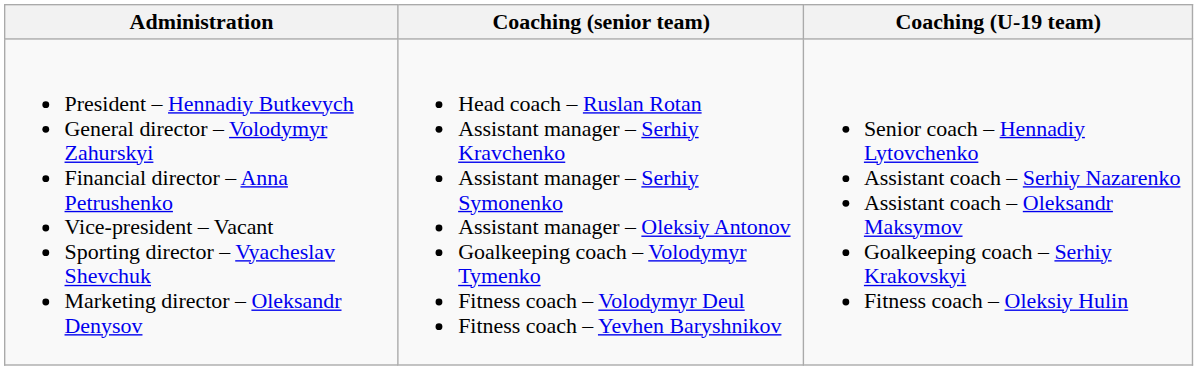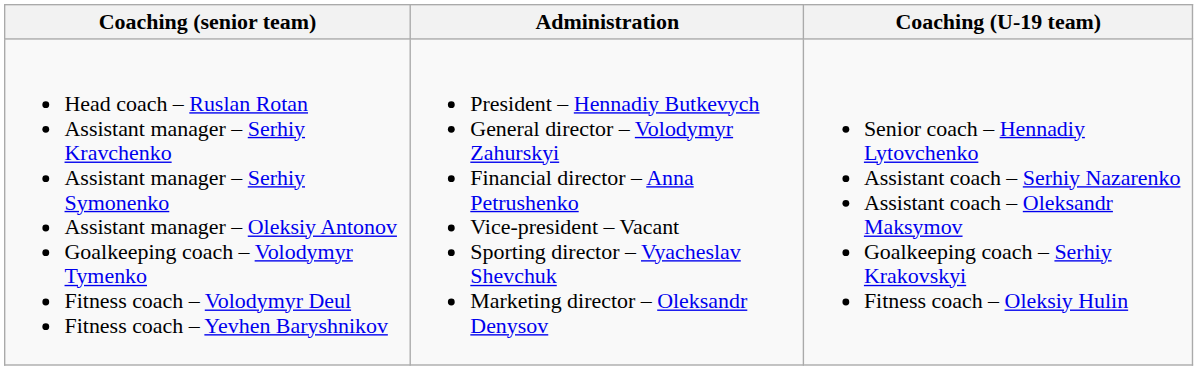 <table class="wikitable">
 <tr>
+<th>Coaching (senior team)</th>
 <th>Administration</th>
-<th>Coaching (senior team)</th>
 <th>Coaching (U-19 team)</th>
 </tr>
 <tr>
+<td><br><ul><li>Head coach –  <a href='#'>Ruslan Rotan</a></li><li>Assistant manager –  <a href='#'>Serhiy Kravchenko</a></li><li>Assistant manager –  <a href='#'>Serhiy Symonenko</a></li><li>Assistant manager –  <a href='#'>Oleksiy Antonov</a></li><li>Goalkeeping coach –  <a href='#'>Volodymyr Tymenko</a></li><li>Fitness coach –  <a href='#'>Volodymyr Deul</a></li><li>Fitness coach –  <a href='#'>Yevhen Baryshnikov</a></li></ul></td>
 <td><br><ul><li>President –  <a href='#'>Hennadiy Butkevych</a></li><li>General director –  <a href='#'>Volodymyr Zahurskyi</a></li><li>Financial director –  <a href='#'>Anna Petrushenko</a></li><li>Vice-president – Vacant</li><li>Sporting director –  <a href='#'>Vyacheslav Shevchuk</a></li><li>Marketing director –  <a href='#'>Oleksandr Denysov</a></li></ul></td>
-<td><br><ul><li>Head coach –  <a href='#'>Ruslan Rotan</a></li><li>Assistant manager –  <a href='#'>Serhiy Kravchenko</a></li><li>Assistant manager –  <a href='#'>Serhiy Symonenko</a></li><li>Assistant manager –  <a href='#'>Oleksiy Antonov</a></li><li>Goalkeeping coach –  <a href='#'>Volodymyr Tymenko</a></li><li>Fitness coach –  <a href='#'>Volodymyr Deul</a></li><li>Fitness coach –  <a href='#'>Yevhen Baryshnikov</a></li></ul></td>
 <td><br><ul><li>Senior coach         –  <a href='#'>Hennadiy Lytovchenko</a></li><li>Assistant coach      –  <a href='#'>Serhiy Nazarenko</a></li><li>Assistant coach      –  <a href='#'>Oleksandr Maksymov</a></li><li>Goalkeeping coach    –  <a href='#'>Serhiy Krakovskyi</a></li><li>Fitness coach        –  <a href='#'>Oleksiy Hulin</a></li></ul></td>
 </tr>
 </table>
